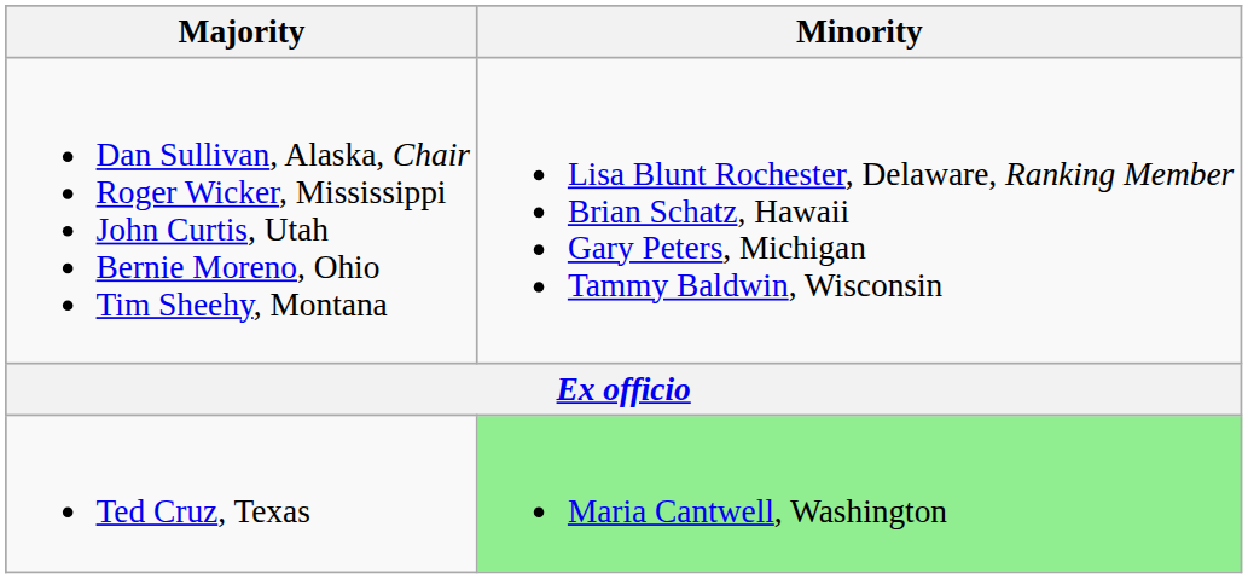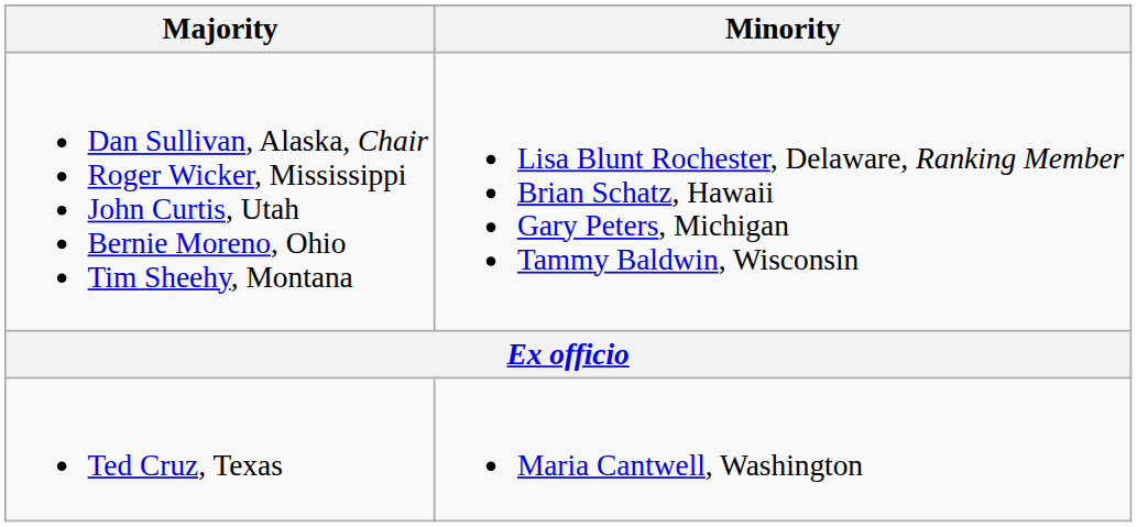 <table class=wikitable>
 <tr>
 <th>Majority</th>
 <th>Minority</th>
 </tr>
 <tr>
 <td><br><ul><li><a href='#'>Dan Sullivan</a>, Alaska, <em>Chair</em></li><li><a href='#'>Roger Wicker</a>, Mississippi</li><li><a href='#'>John Curtis</a>, Utah</li><li><a href='#'>Bernie Moreno</a>, Ohio</li><li><a href='#'>Tim Sheehy</a>, Montana</li></ul></td>
 <td><br><ul><li><a href='#'>Lisa Blunt Rochester</a>, Delaware, <em>Ranking Member</em></li><li><a href='#'>Brian Schatz</a>, Hawaii</li><li><a href='#'>Gary Peters</a>, Michigan</li><li><a href='#'>Tammy Baldwin</a>, Wisconsin</li></ul></td>
 </tr>
 <tr>
 <th colspan=2><em><a href='#'>Ex officio</a></em></th>
 </tr>
 <tr>
 <td><br><ul><li><a href='#'>Ted Cruz</a>, Texas</li></ul></td>
-<td style="background: lightgreen;"><br><ul><li><a href='#'>Maria Cantwell</a>, Washington</li></ul></td>
+<td><br><ul><li><a href='#'>Maria Cantwell</a>, Washington</li></ul></td>
 </tr>
 </table>
